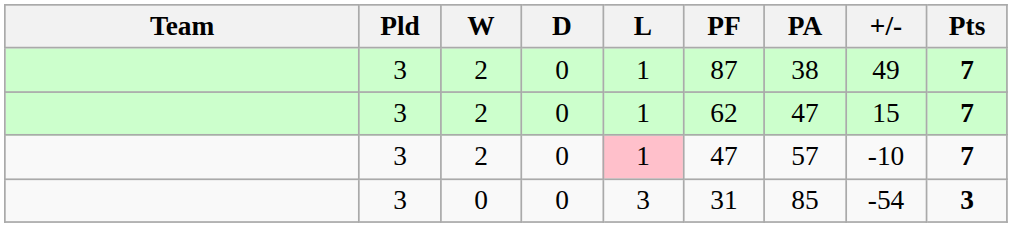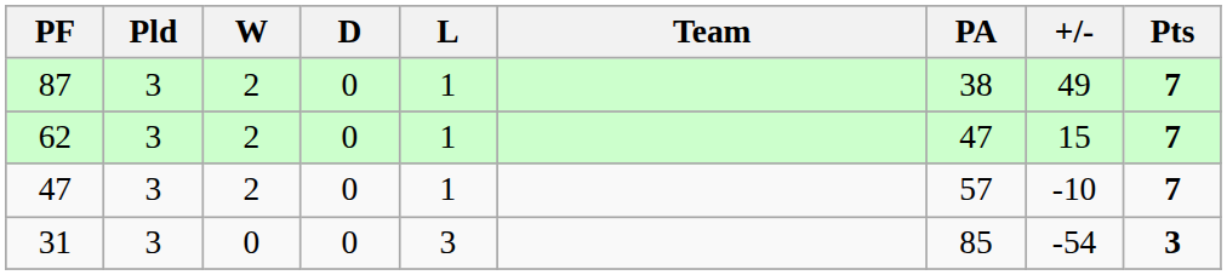 <table class="wikitable" style="text-align: center;">
 <tr>
-<th width="200">Team</th>
+<th width="40">PF</th>
 <th width="40">Pld</th>
 <th width="40">W</th>
 <th width="40">D</th>
 <th width="40">L</th>
-<th width="40">PF</th>
+<th width="200">Team</th>
 <th width="40">PA</th>
 <th width="40">+/-</th>
 <th width="40">Pts</th>
 </tr>
 <tr style="background:#ccffcc;">
-<td style="text-align:left;"></td>
+<td>87</td>
 <td>3</td>
 <td>2</td>
 <td>0</td>
 <td>1</td>
-<td>87</td>
+<td style="text-align:left;"></td>
 <td>38</td>
 <td>49</td>
 <td><strong>7</strong></td>
 </tr>
 <tr style="background:#ccffcc;">
-<td style="text-align:left;"></td>
+<td>62</td>
 <td>3</td>
 <td>2</td>
 <td>0</td>
 <td>1</td>
-<td>62</td>
+<td style="text-align:left;"></td>
 <td>47</td>
 <td>15</td>
 <td><strong>7</strong></td>
 </tr>
 <tr>
-<td style="text-align:left;"></td>
+<td>47</td>
 <td>3</td>
 <td>2</td>
 <td>0</td>
-<td style="background: pink;">1</td>
-<td>47</td>
+<td>1</td>
+<td style="text-align:left;"></td>
 <td>57</td>
 <td>-10</td>
 <td><strong>7</strong></td>
 </tr>
 <tr>
-<td style="text-align:left;"></td>
+<td>31</td>
 <td>3</td>
 <td>0</td>
 <td>0</td>
 <td>3</td>
-<td>31</td>
+<td style="text-align:left;"></td>
 <td>85</td>
 <td>-54</td>
 <td><strong>3</strong></td>
 </tr>
 </table>
